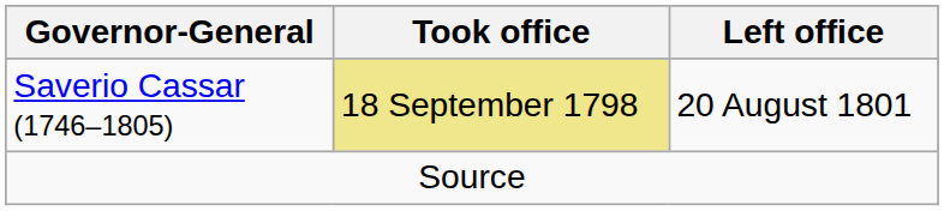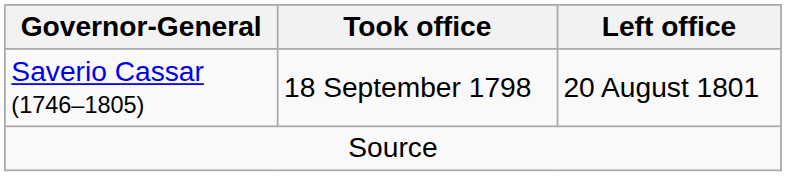 <table class=wikitable width=50%>
 <tr>
 <th scope="col">Governor-General</th>
 <th scope="col">Took office</th>
 <th scope="col">Left office</th>
 </tr>
 <tr>
 <td><a href='#'>Saverio Cassar</a><br><small>(1746–1805)</small></td>
-<td style="background: khaki;">18 September 1798</td>
+<td>18 September 1798</td>
 <td>20 August 1801</td>
 </tr>
 <tr>
 <td colspan=3 style="text-align: center;">Source</td>
 </tr>
 </table>
